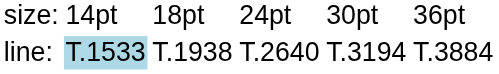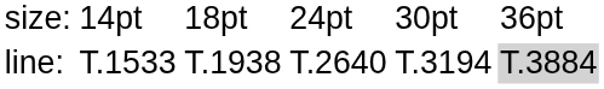 <table style="margin-left:40px;">
 <tr>
 <td>size:</td>
 <td>14pt</td>
 <td>18pt</td>
 <td>24pt</td>
 <td>30pt</td>
 <td>36pt</td>
 </tr>
 <tr>
 <td>line:</td>
-<td style="background: lightblue;">T.1533</td>
+<td>T.1533</td>
 <td>T.1938</td>
 <td>T.2640</td>
 <td>T.3194</td>
-<td>T.3884</td>
+<td style="background: lightgrey;">T.3884</td>
 </tr>
 </table>
